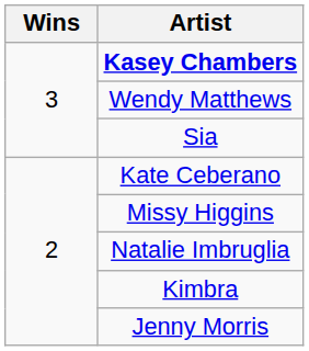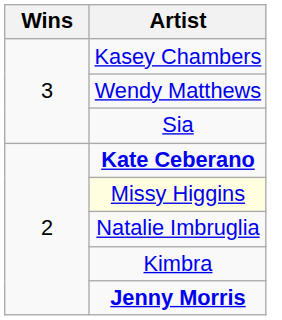 <table class="wikitable" style="text-align: center">
 <tr>
 <th scope="col" width="55">Wins</th>
 <th scope="col" align="center">Artist</th>
 </tr>
 <tr>
 <td rowspan=3 style="text-align:center">3</td>
-<td><strong><a href='#'>Kasey Chambers</a></strong></td>
+<td><a href='#'>Kasey Chambers</a></td>
 </tr>
 <tr>
 <td><a href='#'>Wendy Matthews</a></td>
 </tr>
 <tr>
 <td><a href='#'>Sia</a></td>
 </tr>
 <tr>
 <td rowspan=5 style="text-align:center">2</td>
-<td><a href='#'>Kate Ceberano</a></td>
+<td><strong><a href='#'>Kate Ceberano</a></strong></td>
 </tr>
 <tr>
-<td><a href='#'>Missy Higgins</a></td>
+<td style="background: lightyellow;"><a href='#'>Missy Higgins</a></td>
 </tr>
 <tr>
 <td><a href='#'>Natalie Imbruglia</a></td>
 </tr>
 <tr>
 <td><a href='#'>Kimbra</a></td>
 </tr>
 <tr>
-<td><a href='#'>Jenny Morris</a></td>
+<td><strong><a href='#'>Jenny Morris</a></strong></td>
 </tr>
 </table>
